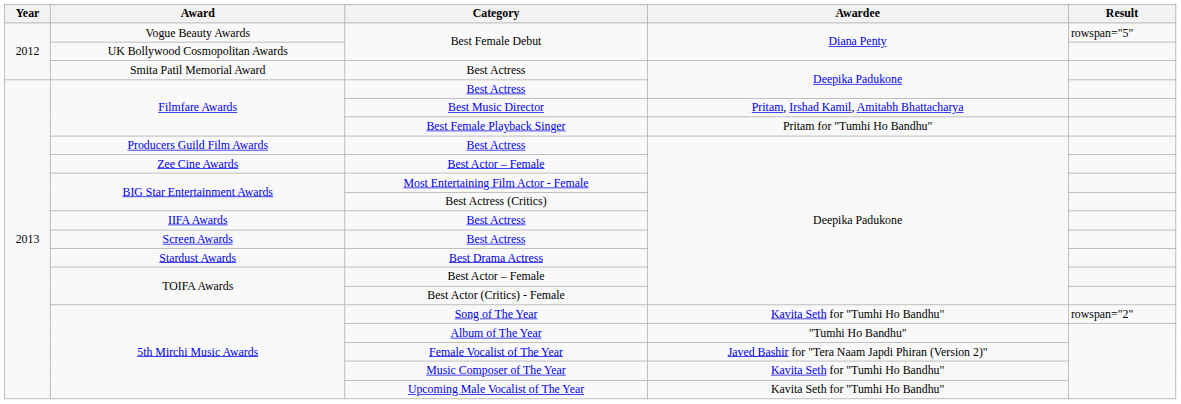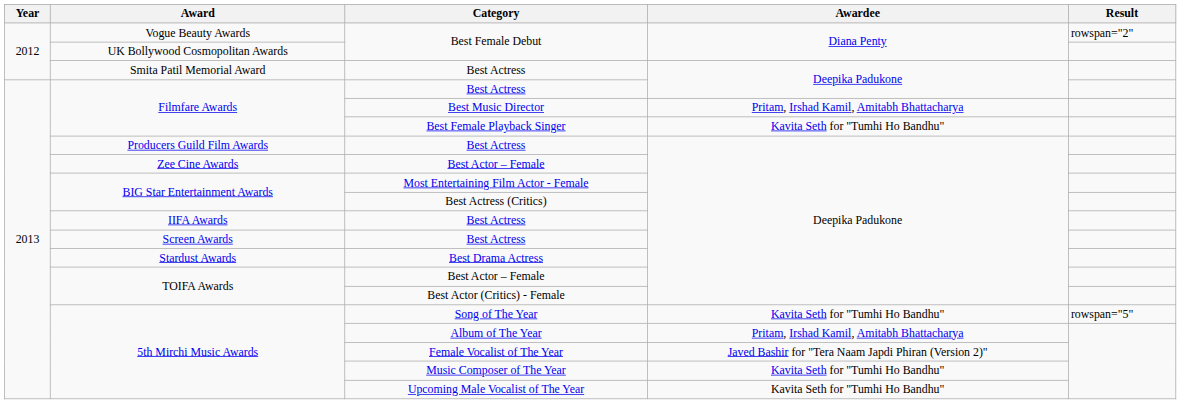 <table class="wikitable" style="width:100%;">
 <tr bgcolor="#CCCCCC">
 <th>Year</th>
 <th>Award</th>
 <th>Category</th>
 <th>Awardee</th>
 <th>Result</th>
 </tr>
 <tr>
 <td rowspan="3" style="text-align:center;">2012</td>
 <td style="text-align:center;">Vogue Beauty Awards</td>
 <td style="text-align:center;" rowspan="2" style="text-align:center;">Best Female Debut</td>
 <td style="text-align:center;" rowspan="2"><a href='#'>Diana Penty</a></td>
-<td>rowspan="5" </td>
+<td>rowspan="2" </td>
 </tr>
 <tr>
 <td style="text-align:center;">UK Bollywood Cosmopolitan Awards</td>
 </tr>
 <tr>
 <td style="text-align:center;">Smita Patil Memorial Award</td>
 <td style="text-align:center;">Best Actress</td>
 <td style="text-align:center;" rowspan="2"><a href='#'>Deepika Padukone</a></td>
 <td></td>
 </tr>
 <tr>
 <td style="text-align:center;" rowspan="17" style="text-align:center;">2013</td>
 <td style="text-align:center;" rowspan="3"><a href='#'>Filmfare Awards</a></td>
 <td style="text-align:center;"><a href='#'>Best Actress</a></td>
 <td></td>
 </tr>
 <tr>
 <td style="text-align:center;"><a href='#'>Best Music Director</a></td>
 <td style="text-align:center;"><a href='#'>Pritam</a>, <a href='#'>Irshad Kamil</a>, <a href='#'>Amitabh Bhattacharya</a></td>
 <td></td>
 </tr>
 <tr>
 <td style="text-align:center;"><a href='#'>Best Female Playback Singer</a></td>
-<td style="text-align:center;">Pritam for "Tumhi Ho Bandhu"</td>
+<td style="text-align:center;"><a href='#'>Kavita Seth</a> for "Tumhi Ho Bandhu"</td>
 <td></td>
 </tr>
 <tr>
 <td style="text-align:center;"><a href='#'>Producers Guild Film Awards</a></td>
 <td style="text-align:center;"><a href='#'>Best Actress</a></td>
 <td style="text-align:center;" rowspan="9">Deepika Padukone</td>
 <td></td>
 </tr>
 <tr>
 <td style="text-align:center;"><a href='#'>Zee Cine Awards</a></td>
 <td style="text-align:center;"><a href='#'>Best Actor – Female</a></td>
 <td></td>
 </tr>
 <tr>
 <td style="text-align:center;" rowspan="2"><a href='#'>BIG Star Entertainment Awards</a></td>
 <td style="text-align:center;"><a href='#'>Most Entertaining Film Actor - Female</a></td>
 <td></td>
 </tr>
 <tr>
 <td style="text-align:center;">Best Actress (Critics)</td>
 <td></td>
 </tr>
 <tr>
 <td style="text-align:center;"><a href='#'>IIFA Awards</a></td>
 <td style="text-align:center;"><a href='#'>Best Actress</a></td>
 <td></td>
 </tr>
 <tr>
 <td style="text-align:center;"><a href='#'>Screen Awards</a></td>
 <td style="text-align:center;"><a href='#'>Best Actress</a></td>
 <td></td>
 </tr>
 <tr>
 <td style="text-align:center;"><a href='#'>Stardust Awards</a></td>
 <td style="text-align:center;"><a href='#'>Best Drama Actress</a></td>
 <td></td>
 </tr>
 <tr>
 <td style="text-align:center;" rowspan="2">TOIFA Awards</td>
 <td style="text-align:center;">Best Actor – Female</td>
 <td></td>
 </tr>
 <tr>
 <td style="text-align:center;">Best Actor (Critics) - Female</td>
 <td></td>
 </tr>
 <tr>
 <td style="text-align:center;" rowspan="5"><a href='#'>5th Mirchi Music Awards</a></td>
 <td style="text-align:center;"><a href='#'>Song of The Year</a></td>
 <td style="text-align:center;"><a href='#'>Kavita Seth</a> for "Tumhi Ho Bandhu"</td>
-<td>rowspan="2" </td>
+<td>rowspan="5" </td>
 </tr>
 <tr>
 <td style="text-align:center;"><a href='#'>Album of The Year</a></td>
-<td style="text-align:center;">"Tumhi Ho Bandhu"</td>
+<td style="text-align:center;"><a href='#'>Pritam</a>, <a href='#'>Irshad Kamil</a>, <a href='#'>Amitabh Bhattacharya</a></td>
 </tr>
 <tr>
 <td style="text-align:center;"><a href='#'>Female Vocalist of The Year</a></td>
 <td style="text-align:center;"><a href='#'>Javed Bashir</a> for "Tera Naam Japdi Phiran (Version 2)"</td>
 </tr>
 <tr>
 <td style="text-align:center;"><a href='#'>Music Composer of The Year</a></td>
 <td style="text-align:center;"><a href='#'>Kavita Seth</a> for "Tumhi Ho Bandhu"</td>
 </tr>
 <tr>
 <td style="text-align:center;"><a href='#'>Upcoming Male Vocalist of The Year</a></td>
 <td style="text-align:center;">Kavita Seth for "Tumhi Ho Bandhu"</td>
 </tr>
 </table>
